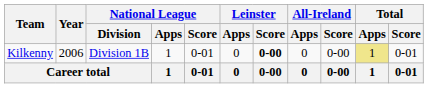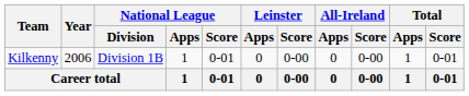 <table class="wikitable" style="text-align:center">
 <tr>
 <th rowspan="2">Team</th>
 <th rowspan="2">Year</th>
 <th colspan="3"><a href='#'>National League</a></th>
 <th colspan="2"><a href='#'>Leinster</a></th>
 <th colspan="2"><a href='#'>All-Ireland</a></th>
 <th colspan="2">Total</th>
 </tr>
 <tr>
 <th>Division</th>
 <th>Apps</th>
 <th>Score</th>
 <th>Apps</th>
 <th>Score</th>
 <th>Apps</th>
 <th>Score</th>
 <th>Apps</th>
 <th>Score</th>
 </tr>
 <tr>
 <td rowspan="1"><a href='#'>Kilkenny</a></td>
 <td>2006</td>
 <td rowspan="1"><a href='#'>Division 1B</a></td>
 <td>1</td>
 <td>0-01</td>
 <td>0</td>
-<td><strong>0-00</strong></td>
+<td>0-00</td>
 <td>0</td>
 <td>0-00</td>
-<td style="background: khaki;">1</td>
+<td>1</td>
 <td>0-01</td>
 </tr>
 <tr>
 <th colspan="3">Career total</th>
 <th>1</th>
 <th>0-01</th>
 <th>0</th>
 <th>0-00</th>
 <th>0</th>
 <th>0-00</th>
 <th>1</th>
 <th>0-01</th>
 </tr>
 </table>
